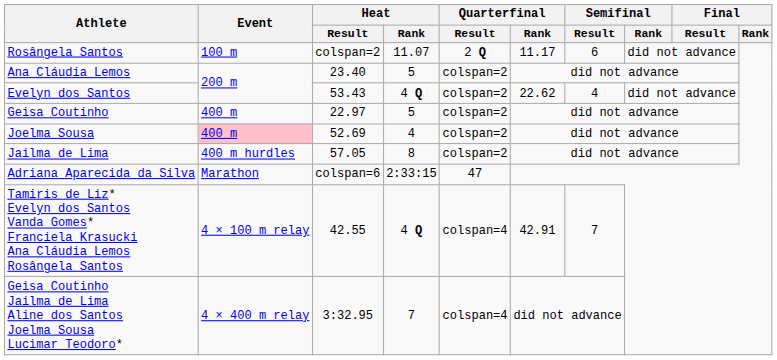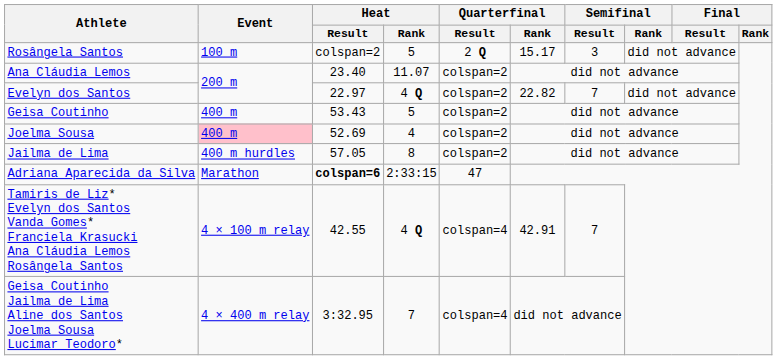 <table class="wikitable" style="font-size:90%">
 <tr>
 <th rowspan="2">Athlete</th>
 <th rowspan="2">Event</th>
 <th colspan="2">Heat</th>
 <th colspan="2">Quarterfinal</th>
 <th colspan="2">Semifinal</th>
 <th colspan="2">Final</th>
 </tr>
 <tr style="font-size:95%">
 <th>Result</th>
 <th>Rank</th>
 <th>Result</th>
 <th>Rank</th>
 <th>Result</th>
 <th>Rank</th>
 <th>Result</th>
 <th>Rank</th>
 </tr>
 <tr align=center>
 <td align=left><a href='#'>Rosângela Santos</a></td>
 <td align=left><a href='#'>100 m</a></td>
 <td>colspan=2 </td>
-<td>11.07</td>
+<td>5</td>
 <td>2 <strong>Q</strong></td>
-<td>11.17</td>
-<td>6</td>
+<td>15.17</td>
+<td>3</td>
 <td colspan=2>did not advance</td>
 </tr>
 <tr align=center>
 <td align=left><a href='#'>Ana Cláudia Lemos</a></td>
 <td align=left rowspan=2><a href='#'>200 m</a></td>
 <td>23.40</td>
-<td>5</td>
+<td>11.07</td>
 <td>colspan=2 </td>
 <td colspan=4>did not advance</td>
 </tr>
 <tr align=center>
 <td align=left><a href='#'>Evelyn dos Santos</a></td>
-<td>53.43</td>
+<td>22.97</td>
 <td>4 <strong>Q</strong></td>
 <td>colspan=2 </td>
-<td>22.62</td>
-<td>4</td>
+<td>22.82</td>
+<td>7</td>
 <td colspan=2>did not advance</td>
 </tr>
 <tr align=center>
 <td align=left><a href='#'>Geisa Coutinho</a></td>
 <td align=left><a href='#'>400 m</a></td>
-<td>22.97</td>
+<td>53.43</td>
 <td>5</td>
 <td>colspan=2 </td>
 <td colspan=4>did not advance</td>
 </tr>
 <tr align=center>
 <td align=left><a href='#'>Joelma Sousa</a></td>
 <td align=left style="background: pink;"><a href='#'>400 m</a></td>
 <td>52.69</td>
 <td>4</td>
 <td>colspan=2 </td>
 <td colspan=4>did not advance</td>
 </tr>
 <tr align=center>
 <td align=left><a href='#'>Jailma de Lima</a></td>
 <td align=left><a href='#'>400 m hurdles</a></td>
 <td>57.05</td>
 <td>8</td>
 <td>colspan=2 </td>
 <td colspan=4>did not advance</td>
 </tr>
 <tr align=center>
 <td align=left><a href='#'>Adriana Aparecida da Silva</a></td>
 <td align=left><a href='#'>Marathon</a></td>
-<td>colspan=6 </td>
+<td><strong>colspan=6 </strong></td>
 <td>2:33:15</td>
 <td>47</td>
 </tr>
 <tr align=center>
 <td align=left><a href='#'>Tamiris de Liz</a>*<br><a href='#'>Evelyn dos Santos</a><br><a href='#'>Vanda Gomes</a>*<br><a href='#'>Franciela Krasucki</a><br><a href='#'>Ana Cláudia Lemos</a><br><a href='#'>Rosângela Santos</a></td>
 <td align=left><a href='#'>4 × 100 m relay</a></td>
 <td>42.55</td>
 <td>4 <strong>Q</strong></td>
 <td>colspan=4 </td>
 <td>42.91</td>
 <td>7</td>
 </tr>
 <tr align=center>
 <td align=left><a href='#'>Geisa Coutinho</a><br><a href='#'>Jailma de Lima</a><br><a href='#'>Aline dos Santos</a><br><a href='#'>Joelma Sousa</a><br><a href='#'>Lucimar Teodoro</a>*</td>
 <td align=left><a href='#'>4 × 400 m relay</a></td>
 <td>3:32.95</td>
 <td>7</td>
 <td>colspan=4 </td>
 <td colspan=2>did not advance</td>
 </tr>
 </table>
